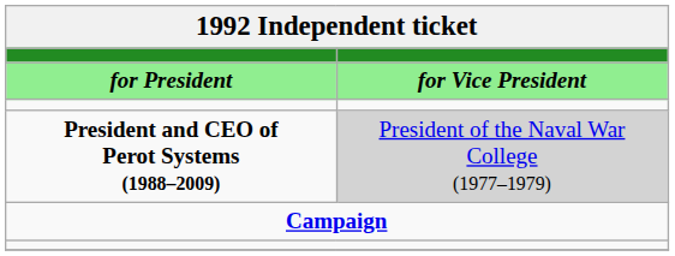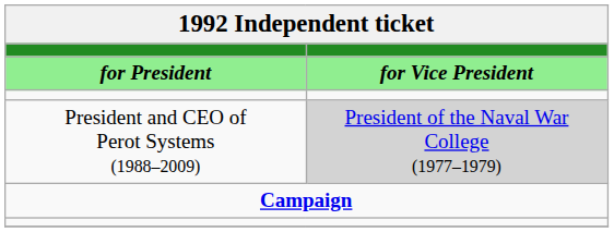 <table class="wikitable" style="font-size:90%; text-align:center;">
 <tr>
 <td style="background:#f1f1f1;" colspan="2"><big><strong>1992 Independent ticket</strong></big></td>
 </tr>
 <tr>
 <th style="width:3em; font-size:135%; background:#228B22; width:200px;"><a href='#'></a></th>
 <th style="width:3em; font-size:135%; background:#228B22; width:200px;"><a href='#'></a></th>
 </tr>
 <tr style="color:#000; font-size:100%; background:#90EE90;">
 <td style="width:3em; width:200px;"><strong><em>for President</em></strong></td>
 <td style="width:3em; width:200px;"><strong><em>for Vice President</em></strong></td>
 </tr>
 <tr>
 <td></td>
 <td></td>
 </tr>
 <tr>
-<td><strong>President and CEO of <br>Perot Systems<br><small>(1988–2009)</small></strong></td>
+<td>President and CEO of <br>Perot Systems<br><small>(1988–2009)</small></td>
 <td style="background: lightgrey;"><a href='#'>President of the Naval War College</a><br><small>(1977–1979)</small></td>
 </tr>
 <tr>
 <td colspan=2><a href='#'><strong>Campaign</strong></a></td>
 </tr>
 <tr>
 <td colspan=2></td>
 </tr>
 <tr>
 </tr>
 </table>
